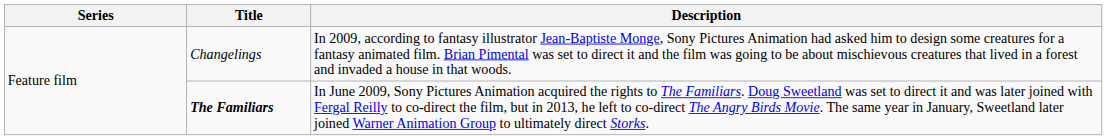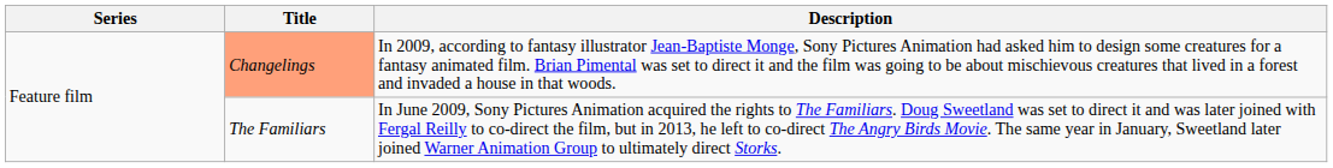 <table class="wikitable">
 <tr>
 <th style="width:150pt;">Series</th>
 <th style="width:100pt;">Title</th>
 <th>Description</th>
 </tr>
 <tr>
 <td rowspan="2">Feature film</td>
-<td><em>Changelings</em></td>
+<td style="background: lightsalmon;"><em>Changelings</em></td>
 <td>In 2009, according to fantasy illustrator <a href='#'>Jean-Baptiste Monge</a>, Sony Pictures Animation had asked him to design some creatures for a fantasy animated film. <a href='#'>Brian Pimental</a> was set to direct it and the film was going to be about mischievous creatures that lived in a forest and invaded a house in that woods.</td>
 </tr>
 <tr>
-<td><strong><em>The Familiars</em></strong></td>
+<td><em>The Familiars</em></td>
 <td>In June 2009, Sony Pictures Animation acquired the rights to <em><a href='#'>The Familiars</a></em>. <a href='#'>Doug Sweetland</a> was set to direct it and was later joined with <a href='#'>Fergal Reilly</a> to co-direct the film, but in 2013, he left to co-direct <em><a href='#'>The Angry Birds Movie</a></em>. The same year in January, Sweetland later joined <a href='#'>Warner Animation Group</a> to ultimately direct <em><a href='#'>Storks</a></em>.</td>
 </tr>
 </table>
